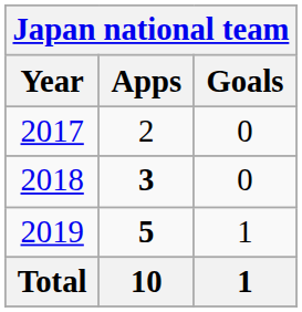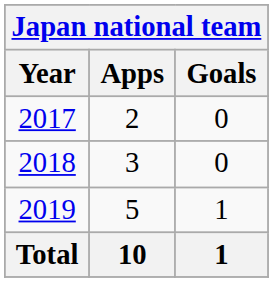 <table class="wikitable" style="text-align:center">
 <tr>
 <th colspan=3><a href='#'>Japan national team</a></th>
 </tr>
 <tr>
 <th>Year</th>
 <th>Apps</th>
 <th>Goals</th>
 </tr>
 <tr>
 <td><a href='#'>2017</a></td>
 <td>2</td>
 <td>0</td>
 </tr>
 <tr>
 <td><a href='#'>2018</a></td>
-<td><strong>3</strong></td>
+<td>3</td>
 <td>0</td>
 </tr>
 <tr>
 <td><a href='#'>2019</a></td>
-<td><strong>5</strong></td>
+<td>5</td>
 <td>1</td>
 </tr>
 <tr>
 <th>Total</th>
 <th>10</th>
 <th>1</th>
 </tr>
 </table>
